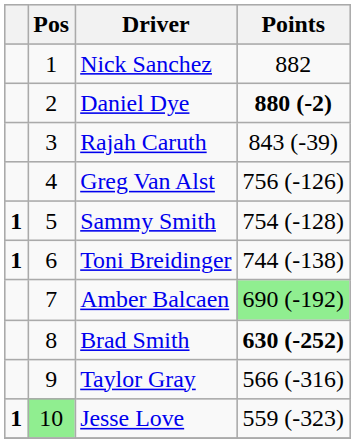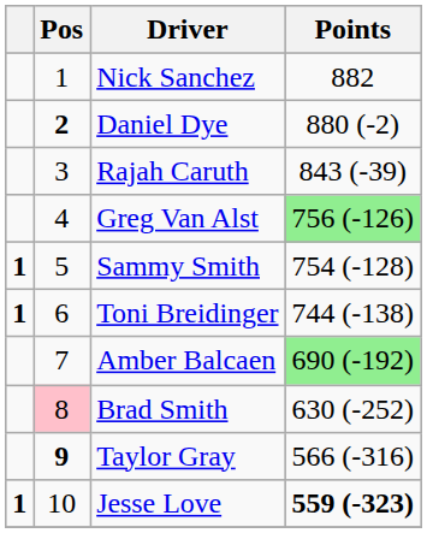 <table class="wikitable" style="font-size: 95%;">
 <tr>
 <th></th>
 <th>Pos</th>
 <th>Driver</th>
 <th>Points</th>
 </tr>
 <tr>
 <td align="left"></td>
 <td style="text-align:center;">1</td>
 <td><a href='#'>Nick Sanchez</a></td>
 <td style="text-align:center;">882</td>
 </tr>
 <tr>
 <td align="left"></td>
-<td style="text-align:center;">2</td>
+<td style="text-align:center;"><strong>2</strong></td>
 <td><a href='#'>Daniel Dye</a></td>
-<td style="text-align:center;"><strong>880 (-2)</strong></td>
+<td style="text-align:center;">880 (-2)</td>
 </tr>
 <tr>
 <td align="left"></td>
 <td style="text-align:center;">3</td>
 <td><a href='#'>Rajah Caruth</a></td>
 <td style="text-align:center;">843 (-39)</td>
 </tr>
 <tr>
 <td align="left"></td>
 <td style="text-align:center;">4</td>
 <td><a href='#'>Greg Van Alst</a></td>
-<td style="text-align:center;">756 (-126)</td>
+<td style="background: lightgreen; text-align:center;">756 (-126)</td>
 </tr>
 <tr>
 <td align="left"> <strong>1</strong></td>
 <td style="text-align:center;">5</td>
 <td><a href='#'>Sammy Smith</a></td>
 <td style="text-align:center;">754 (-128)</td>
 </tr>
 <tr>
 <td align="left"> <strong>1</strong></td>
 <td style="text-align:center;">6</td>
 <td><a href='#'>Toni Breidinger</a></td>
 <td style="text-align:center;">744 (-138)</td>
 </tr>
 <tr>
 <td align="left"></td>
 <td style="text-align:center;">7</td>
 <td><a href='#'>Amber Balcaen</a></td>
 <td style="background: lightgreen; text-align:center;">690 (-192)</td>
 </tr>
 <tr>
 <td align="left"></td>
-<td style="text-align:center;">8</td>
+<td style="background: pink; text-align:center;">8</td>
 <td><a href='#'>Brad Smith</a></td>
-<td style="text-align:center;"><strong>630 (-252)</strong></td>
+<td style="text-align:center;">630 (-252)</td>
 </tr>
 <tr>
 <td align="left"></td>
-<td style="text-align:center;">9</td>
+<td style="text-align:center;"><strong>9</strong></td>
 <td><a href='#'>Taylor Gray</a></td>
 <td style="text-align:center;">566 (-316)</td>
 </tr>
 <tr>
 <td align="left"> <strong>1</strong></td>
-<td style="background: lightgreen; text-align:center;">10</td>
+<td style="text-align:center;">10</td>
 <td><a href='#'>Jesse Love</a></td>
-<td style="text-align:center;">559 (-323)</td>
+<td style="text-align:center;"><strong>559 (-323)</strong></td>
 </tr>
 <tr class="sortbottom">
 </tr>
 </table>
